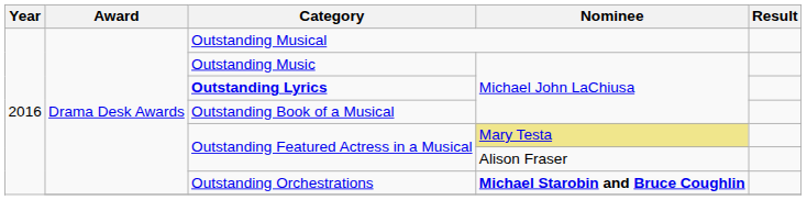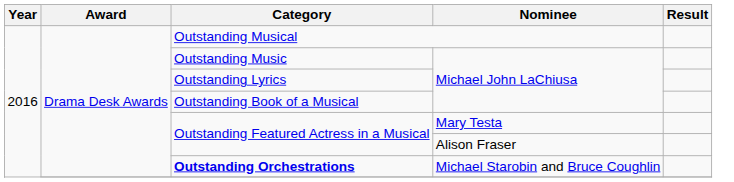 <table class="wikitable">
 <tr>
 <th>Year</th>
 <th>Award</th>
 <th>Category</th>
 <th>Nominee</th>
 <th>Result</th>
 </tr>
 <tr>
 <td rowspan="10">2016</td>
 <td rowspan="7"><a href='#'>Drama Desk Awards</a></td>
 <td colspan=2><a href='#'>Outstanding Musical</a></td>
 <td></td>
 </tr>
 <tr>
 <td><a href='#'>Outstanding Music</a></td>
 <td rowspan="3"><a href='#'>Michael John LaChiusa</a></td>
 <td></td>
 </tr>
 <tr>
-<td><strong><a href='#'>Outstanding Lyrics</a></strong></td>
+<td><a href='#'>Outstanding Lyrics</a></td>
 <td></td>
 </tr>
 <tr>
 <td><a href='#'>Outstanding Book of a Musical</a></td>
 <td></td>
 </tr>
 <tr>
 <td rowspan="2"><a href='#'>Outstanding Featured Actress in a Musical</a></td>
-<td style="background: khaki;"><a href='#'>Mary Testa</a></td>
+<td><a href='#'>Mary Testa</a></td>
 <td></td>
 </tr>
 <tr>
 <td>Alison Fraser</td>
 <td></td>
 </tr>
 <tr>
-<td><a href='#'>Outstanding Orchestrations</a></td>
-<td><strong><a href='#'>Michael Starobin</a> and <a href='#'>Bruce Coughlin</a></strong></td>
+<td><strong><a href='#'>Outstanding Orchestrations</a></strong></td>
+<td><a href='#'>Michael Starobin</a> and <a href='#'>Bruce Coughlin</a></td>
 <td></td>
 </tr>
 <tr>
 </tr>
 </table>
